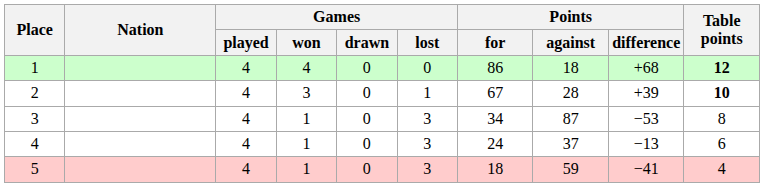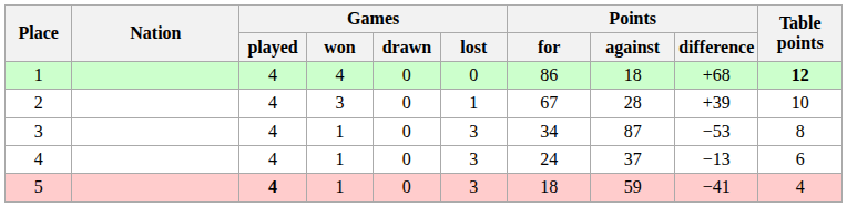 <table class="wikitable">
 <tr>
 <th rowspan=2 width="8%">Place</th>
 <th rowspan=2 width="20%">Nation</th>
 <th colspan=4 width="32%">Games</th>
 <th colspan=3 width="30%">Points</th>
 <th rowspan=2 width="10%">Table<br>points</th>
 </tr>
 <tr>
 <th width="8%">played</th>
 <th width="8%">won</th>
 <th width="8%">drawn</th>
 <th width="8%">lost</th>
 <th width="10%">for</th>
 <th width="10%">against</th>
 <th width="10%">difference</th>
 </tr>
 <tr>
 </tr>
 <tr bgcolor=#ccffcc align=center>
 <td>1</td>
 <td align=left><strong></strong></td>
 <td>4</td>
 <td>4</td>
 <td>0</td>
 <td>0</td>
 <td>86</td>
 <td>18</td>
 <td>+68</td>
 <td><strong>12</strong></td>
 </tr>
 <tr bgcolor=#ffffff align=center>
 <td>2</td>
 <td align=left></td>
 <td>4</td>
 <td>3</td>
 <td>0</td>
 <td>1</td>
 <td>67</td>
 <td>28</td>
 <td>+39</td>
-<td><strong>10</strong></td>
+<td>10</td>
 </tr>
 <tr bgcolor=#ffffff align=center>
 <td>3</td>
 <td align=left></td>
 <td>4</td>
 <td>1</td>
 <td>0</td>
 <td>3</td>
 <td>34</td>
 <td>87</td>
 <td>−53</td>
 <td>8</td>
 </tr>
 <tr bgcolor=#ffffff align=center>
 <td>4</td>
 <td align=left></td>
 <td>4</td>
 <td>1</td>
 <td>0</td>
 <td>3</td>
 <td>24</td>
 <td>37</td>
 <td>−13</td>
 <td>6</td>
 </tr>
 <tr bgcolor=#ffcccc align=center>
 <td>5</td>
 <td align=left></td>
-<td>4</td>
+<td><strong>4</strong></td>
 <td>1</td>
 <td>0</td>
 <td>3</td>
 <td>18</td>
 <td>59</td>
 <td>−41</td>
 <td>4</td>
 </tr>
 </table>
